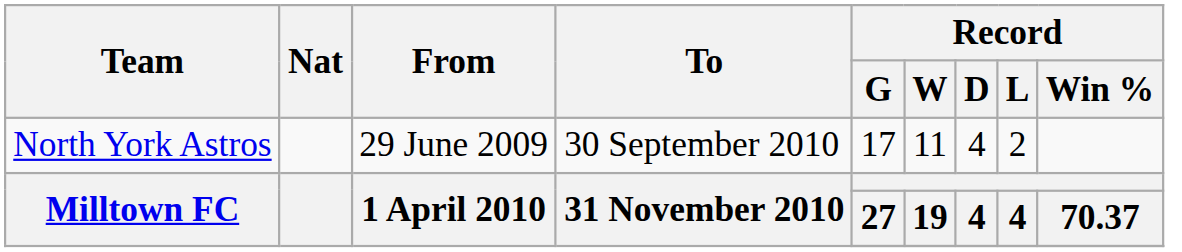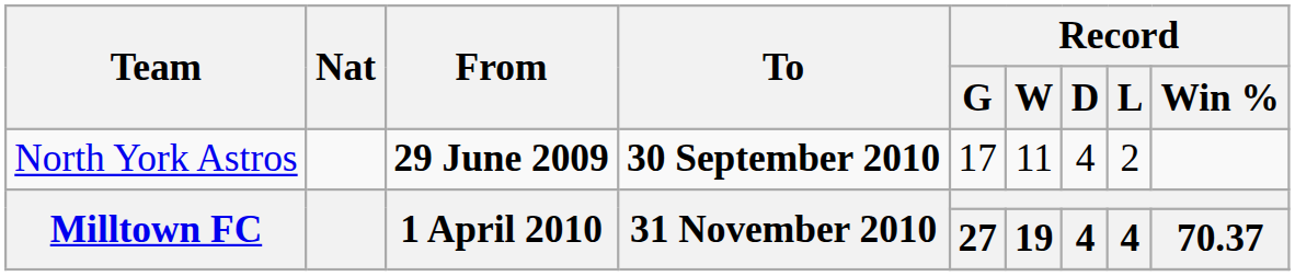 <table class="wikitable" style="text-align: center">
 <tr>
 <th rowspan="2">Team</th>
 <th rowspan="2">Nat</th>
 <th rowspan="2">From</th>
 <th rowspan="2">To</th>
 <th colspan="5">Record</th>
 </tr>
 <tr>
 <th>G</th>
 <th>W</th>
 <th>D</th>
 <th>L</th>
 <th>Win %</th>
 </tr>
 <tr>
 <td align=left><a href='#'>North York Astros</a></td>
 <td></td>
-<td align=left>29 June 2009</td>
-<td align=left>30 September 2010</td>
+<td align=left><strong>29 June 2009</strong></td>
+<td align=left><strong>30 September 2010</strong></td>
 <td>17</td>
 <td>11</td>
 <td>4</td>
 <td>2</td>
 <td></td>
 </tr>
 <tr>
 <th rowspan="3"><a href='#'>Milltown FC</a></th>
 <th rowspan="3"></th>
 <th rowspan="3">1 April 2010</th>
 <th rowspan="3">31 November 2010</th>
 <th colspan="5"></th>
 </tr>
 <tr>
 <th>27</th>
 <th>19</th>
 <th>4</th>
 <th>4</th>
 <th>70.37</th>
 </tr>
 <tr>
 </tr>
 </table>
